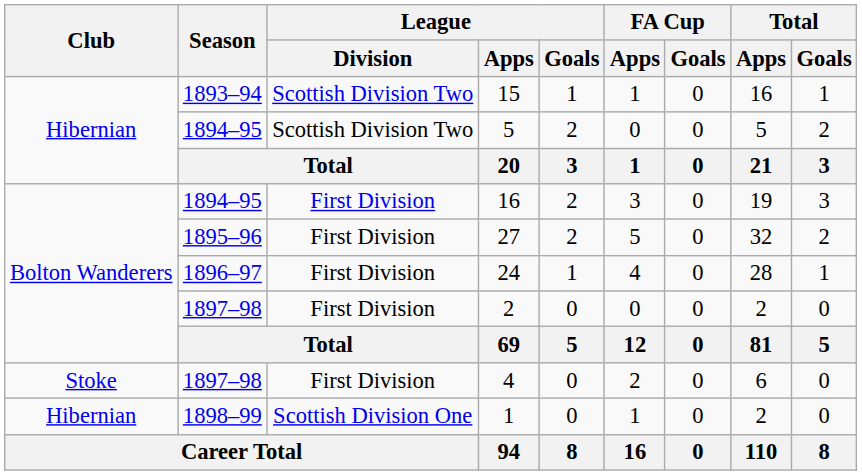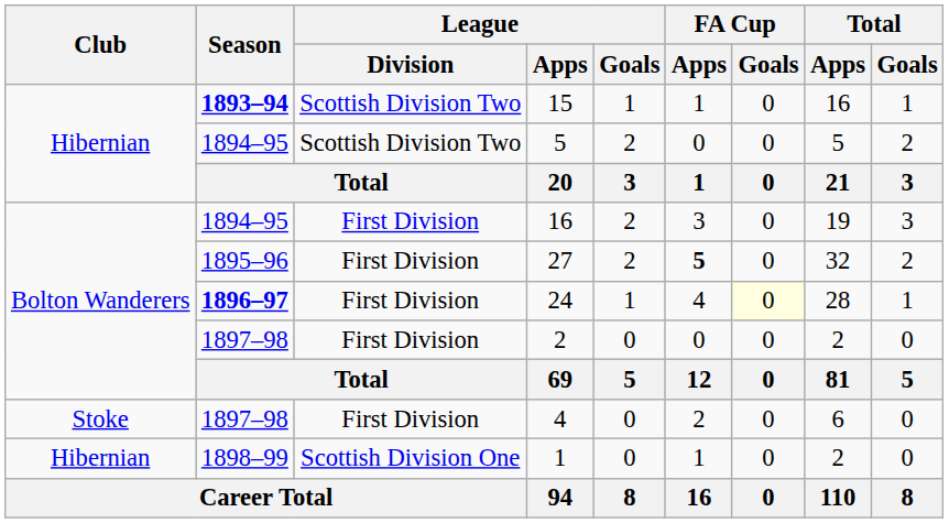 <table class="wikitable" style="text-align: center;">
 <tr>
 <th rowspan="2">Club</th>
 <th rowspan="2">Season</th>
 <th colspan="3">League</th>
 <th colspan="2">FA Cup</th>
 <th colspan="2">Total</th>
 </tr>
 <tr>
 <th>Division</th>
 <th>Apps</th>
 <th>Goals</th>
 <th>Apps</th>
 <th>Goals</th>
 <th>Apps</th>
 <th>Goals</th>
 </tr>
 <tr>
 <td rowspan=3><a href='#'>Hibernian</a></td>
-<td><a href='#'>1893–94</a></td>
+<td><strong><a href='#'>1893–94</a></strong></td>
 <td><a href='#'>Scottish Division Two</a></td>
 <td>15</td>
 <td>1</td>
 <td>1</td>
 <td>0</td>
 <td>16</td>
 <td>1</td>
 </tr>
 <tr>
 <td><a href='#'>1894–95</a></td>
 <td>Scottish Division Two</td>
 <td>5</td>
 <td>2</td>
 <td>0</td>
 <td>0</td>
 <td>5</td>
 <td>2</td>
 </tr>
 <tr>
 <th colspan=2>Total</th>
 <th>20</th>
 <th>3</th>
 <th>1</th>
 <th>0</th>
 <th>21</th>
 <th>3</th>
 </tr>
 <tr>
 <td rowspan="5"><a href='#'>Bolton Wanderers</a></td>
 <td><a href='#'>1894–95</a></td>
 <td><a href='#'>First Division</a></td>
 <td>16</td>
 <td>2</td>
 <td>3</td>
 <td>0</td>
 <td>19</td>
 <td>3</td>
 </tr>
 <tr>
 <td><a href='#'>1895–96</a></td>
 <td>First Division</td>
 <td>27</td>
 <td>2</td>
-<td>5</td>
+<td><strong>5</strong></td>
 <td>0</td>
 <td>32</td>
 <td>2</td>
 </tr>
 <tr>
-<td><a href='#'>1896–97</a></td>
+<td><strong><a href='#'>1896–97</a></strong></td>
 <td>First Division</td>
 <td>24</td>
 <td>1</td>
 <td>4</td>
-<td>0</td>
+<td style="background: lightyellow;">0</td>
 <td>28</td>
 <td>1</td>
 </tr>
 <tr>
 <td><a href='#'>1897–98</a></td>
 <td>First Division</td>
 <td>2</td>
 <td>0</td>
 <td>0</td>
 <td>0</td>
 <td>2</td>
 <td>0</td>
 </tr>
 <tr>
 <th colspan=2>Total</th>
 <th>69</th>
 <th>5</th>
 <th>12</th>
 <th>0</th>
 <th>81</th>
 <th>5</th>
 </tr>
 <tr>
 <td><a href='#'>Stoke</a></td>
 <td><a href='#'>1897–98</a></td>
 <td>First Division</td>
 <td>4</td>
 <td>0</td>
 <td>2</td>
 <td>0</td>
 <td>6</td>
 <td>0</td>
 </tr>
 <tr>
 <td><a href='#'>Hibernian</a></td>
 <td><a href='#'>1898–99</a></td>
 <td><a href='#'>Scottish Division One</a></td>
 <td>1</td>
 <td>0</td>
 <td>1</td>
 <td>0</td>
 <td>2</td>
 <td>0</td>
 </tr>
 <tr>
 <th colspan="3">Career Total</th>
 <th>94</th>
 <th>8</th>
 <th>16</th>
 <th>0</th>
 <th>110</th>
 <th>8</th>
 </tr>
 </table>
